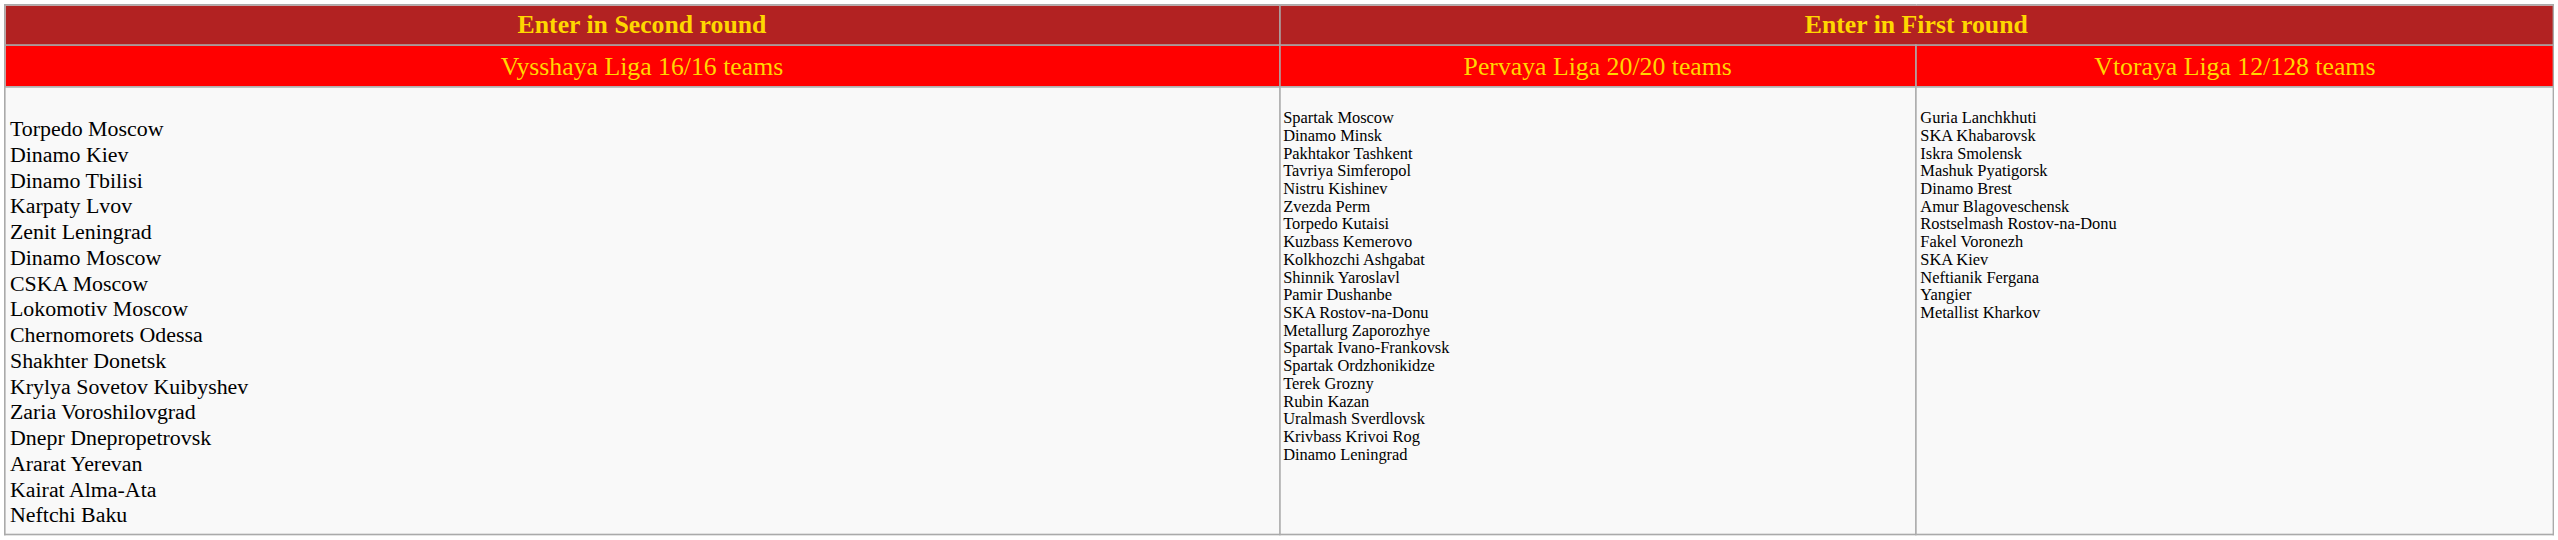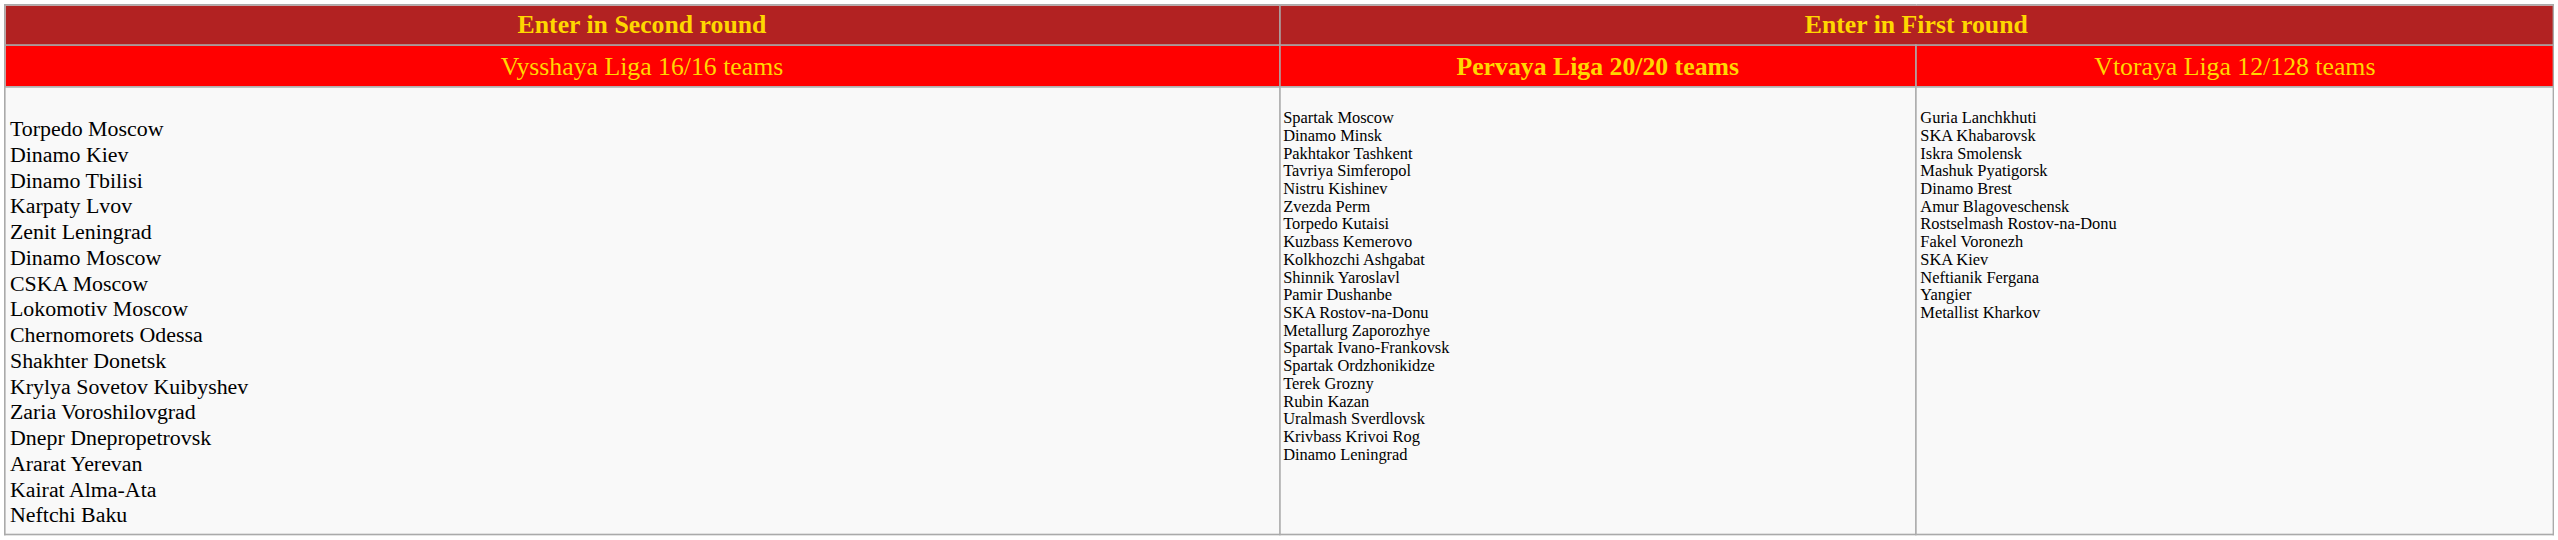 <table class="wikitable" style="width:100%;">
 <tr style="background:Firebrick; text-align:center;">
 <td style="width:50%; color:Gold" colspan="1"><strong>Enter in Second round</strong></td>
 <td style="width:50%; color:Gold" colspan="2"><strong>Enter in First round</strong></td>
 </tr>
 <tr style="background:Red;">
 <td style="text-align:center; width:50%; color:Gold" colspan=1>Vysshaya Liga 16/16 teams</td>
-<td style="text-align:center; width:25%; color:Gold" colspan=1>Pervaya Liga 20/20 teams</td>
+<td style="text-align:center; width:25%; color:Gold" colspan=1><strong>Pervaya Liga 20/20 teams</strong></td>
 <td style="text-align:center; width:25%; color:Gold" colspan=1>Vtoraya Liga 12/128 teams</td>
 </tr>
 <tr style="vertical-align:top; font-size:85%;">
 <td><br> Torpedo Moscow<br>  Dinamo Kiev<br>  Dinamo Tbilisi<br>  Karpaty Lvov<br>  Zenit Leningrad<br>  Dinamo Moscow<br>  CSKA Moscow<br>  Lokomotiv Moscow<br>  Chernomorets Odessa<br>  Shakhter Donetsk<br>  Krylya Sovetov Kuibyshev<br>  Zaria Voroshilovgrad<br>  Dnepr Dnepropetrovsk<br>  Ararat Yerevan<br>  Kairat Alma-Ata<br>  Neftchi Baku<br></td>
 <td style="font-size:75%;"><br> Spartak Moscow<br>  Dinamo Minsk<br>  Pakhtakor Tashkent<br>  Tavriya Simferopol<br>  Nistru Kishinev<br>  Zvezda Perm<br>  Torpedo Kutaisi<br>  Kuzbass Kemerovo<br>  Kolkhozchi Ashgabat<br>  Shinnik Yaroslavl<br>  Pamir Dushanbe<br>  SKA Rostov-na-Donu<br>  Metallurg Zaporozhye<br>  Spartak Ivano-Frankovsk<br>  Spartak Ordzhonikidze<br>  Terek Grozny<br>  Rubin Kazan<br>  Uralmash Sverdlovsk<br>  Krivbass Krivoi Rog<br>  Dinamo Leningrad<br></td>
 <td style="font-size:75%;"><br> Guria Lanchkhuti<br>  SKA Khabarovsk<br>  Iskra Smolensk<br>  Mashuk Pyatigorsk<br>  Dinamo Brest<br>  Amur Blagoveschensk<br>  Rostselmash Rostov-na-Donu<br>  Fakel Voronezh<br>  SKA Kiev<br>  Neftianik Fergana<br>  Yangier<br>  Metallist Kharkov<br></td>
 </tr>
 </table>
